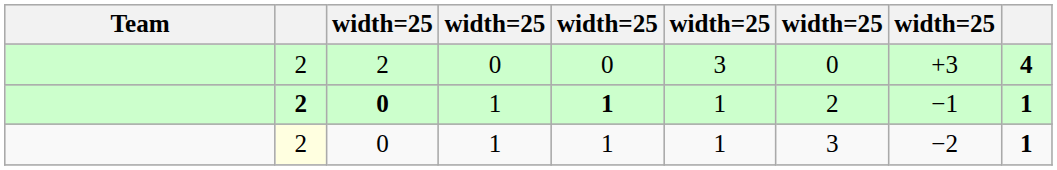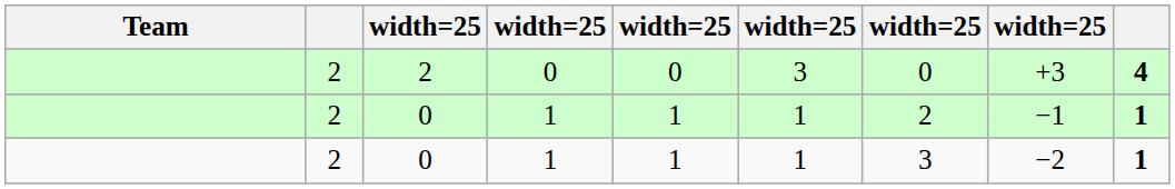 <table class="wikitable" style="text-align: center;">
 <tr>
 <th style="width:165px;">Team</th>
 <th width=25></th>
 <th>width=25</th>
 <th>width=25</th>
 <th>width=25</th>
 <th>width=25</th>
 <th>width=25</th>
 <th>width=25</th>
 <th width=25></th>
 </tr>
 <tr style="background:#cfc;">
 <td align="left"></td>
 <td>2</td>
 <td>2</td>
 <td>0</td>
 <td>0</td>
 <td>3</td>
 <td>0</td>
 <td>+3</td>
 <td><strong>4</strong></td>
 </tr>
 <tr style="background:#cfc;">
 <td align="left"></td>
-<td><strong>2</strong></td>
-<td><strong>0</strong></td>
+<td>2</td>
+<td>0</td>
 <td>1</td>
-<td><strong>1</strong></td>
+<td>1</td>
 <td>1</td>
 <td>2</td>
 <td>−1</td>
 <td><strong>1</strong></td>
 </tr>
 <tr>
 <td align="left"></td>
-<td style="background: lightyellow;">2</td>
+<td>2</td>
 <td>0</td>
 <td>1</td>
 <td>1</td>
 <td>1</td>
 <td>3</td>
 <td>−2</td>
 <td><strong>1</strong></td>
 </tr>
 </table>
